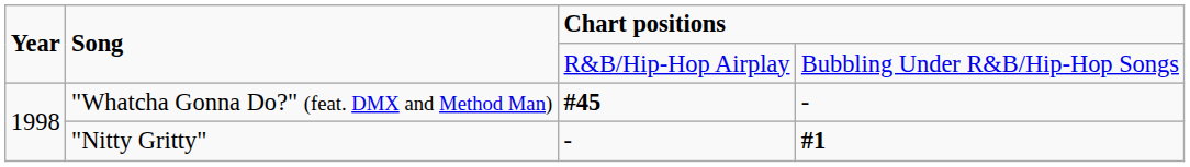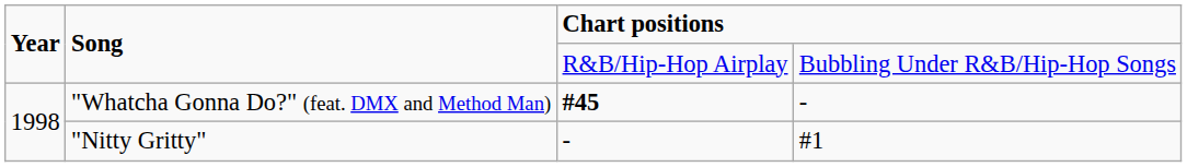 <table class="wikitable">
 <tr>
 <td rowspan="2"><strong>Year</strong></td>
 <td rowspan="2"><strong>Song</strong></td>
 <td colspan="2"><strong>Chart positions</strong></td>
 </tr>
 <tr>
 <td><a href='#'>R&B/Hip-Hop Airplay</a></td>
 <td><a href='#'>Bubbling Under R&B/Hip-Hop Songs</a></td>
 </tr>
 <tr>
 <td rowspan="2">1998</td>
 <td>"Whatcha Gonna Do?" <small>(feat. <a href='#'>DMX</a> and <a href='#'>Method Man</a>)</small></td>
 <td><strong>#45</strong></td>
 <td>-</td>
 </tr>
 <tr>
 <td>"Nitty Gritty"</td>
 <td>-</td>
-<td><strong>#1</strong></td>
+<td>#1</td>
 </tr>
 </table>
